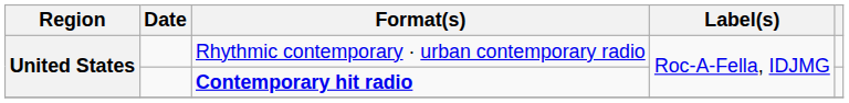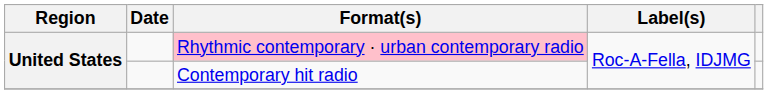 <table class="wikitable plainrowheaders" style="text-align:left">
 <tr>
 <th scope="col">Region</th>
 <th scope="col">Date</th>
 <th scope="col">Format(s)</th>
 <th scope="col">Label(s)</th>
 <th scope="col"></th>
 </tr>
 <tr>
 <th scope="row" rowspan="2">United States</th>
 <td></td>
-<td><a href='#'>Rhythmic contemporary</a> · <a href='#'>urban contemporary radio</a></td>
+<td style="background: pink;"><a href='#'>Rhythmic contemporary</a> · <a href='#'>urban contemporary radio</a></td>
 <td rowspan="2"><a href='#'>Roc-A-Fella</a>, <a href='#'>IDJMG</a></td>
 <td></td>
 </tr>
 <tr>
 <td></td>
-<td><strong><a href='#'>Contemporary hit radio</a></strong></td>
+<td><a href='#'>Contemporary hit radio</a></td>
 <td></td>
 </tr>
 <tr>
 </tr>
 </table>
